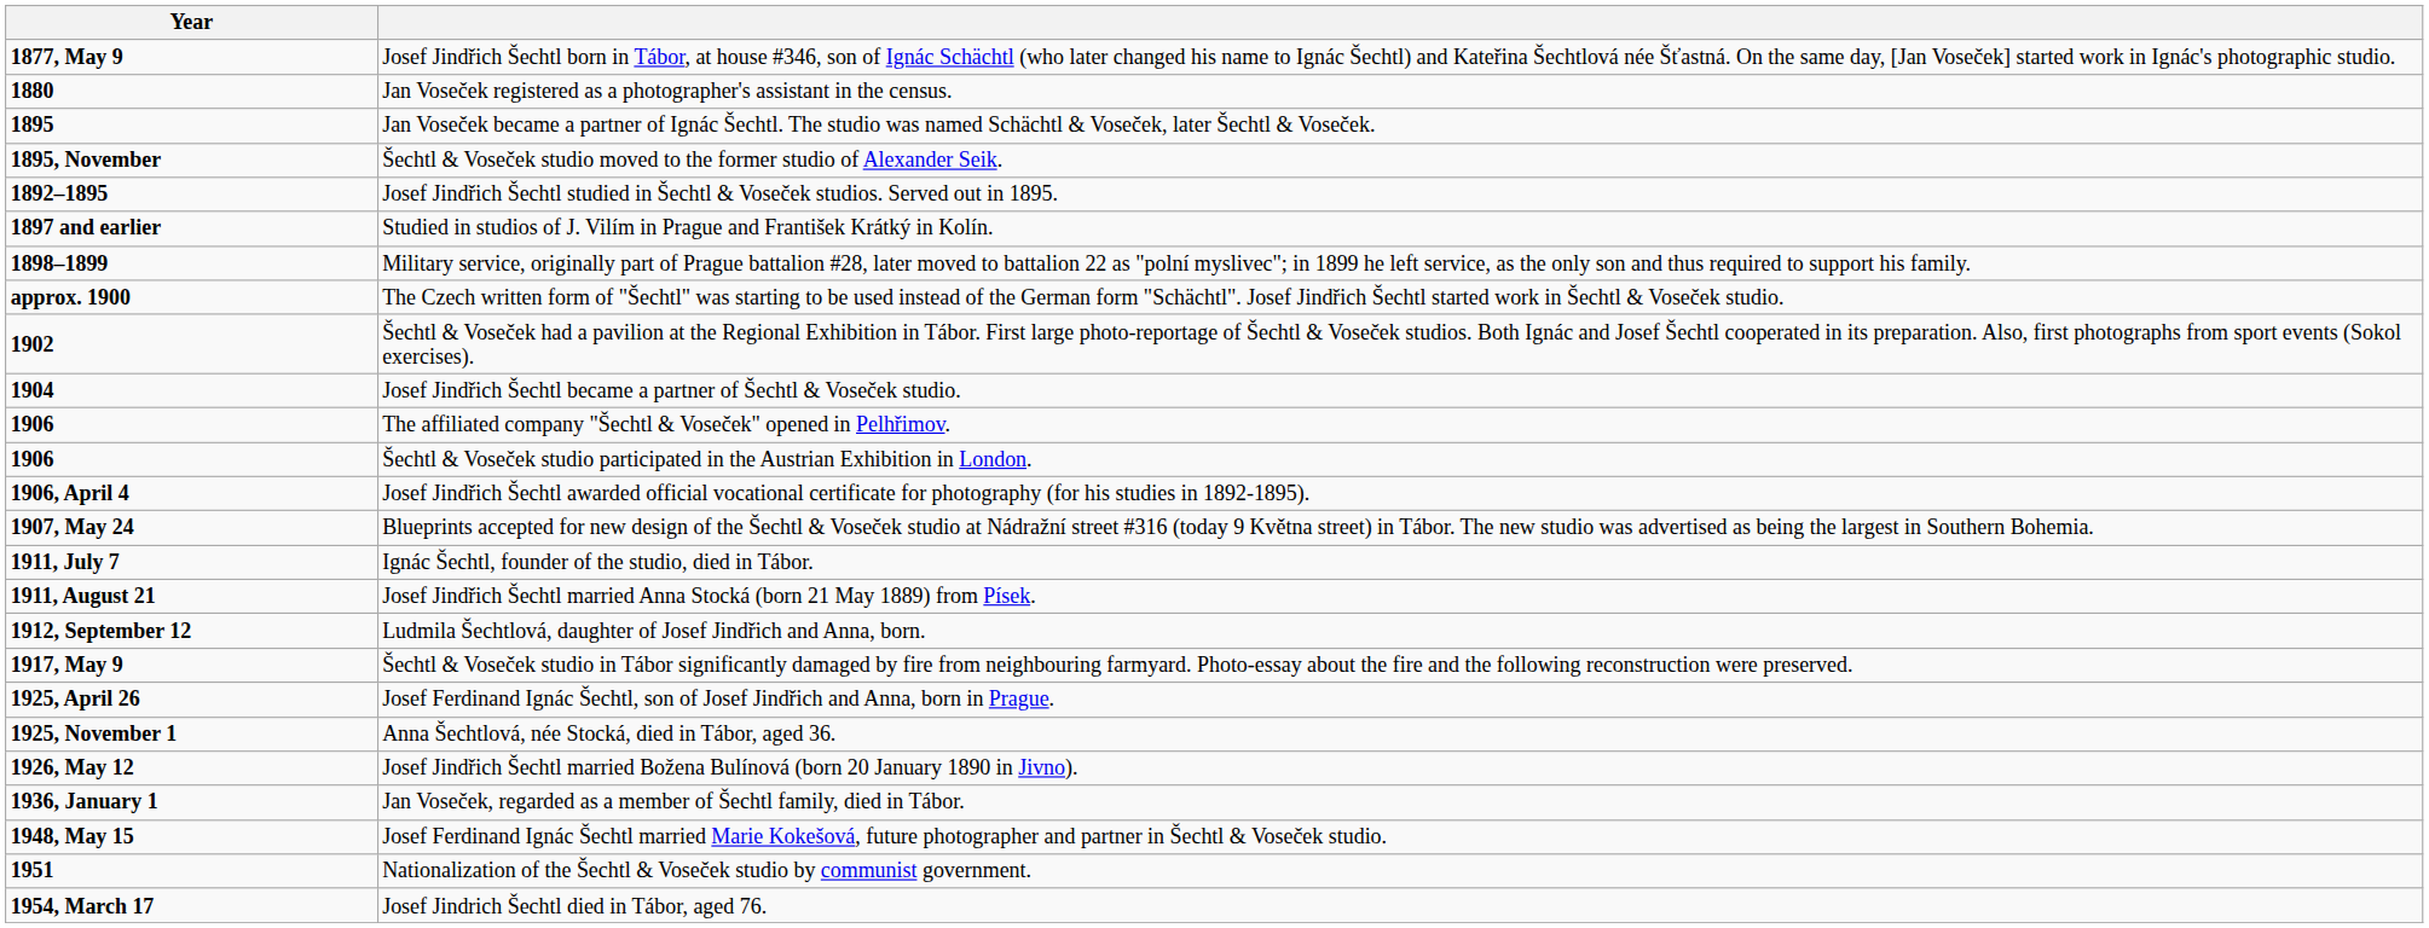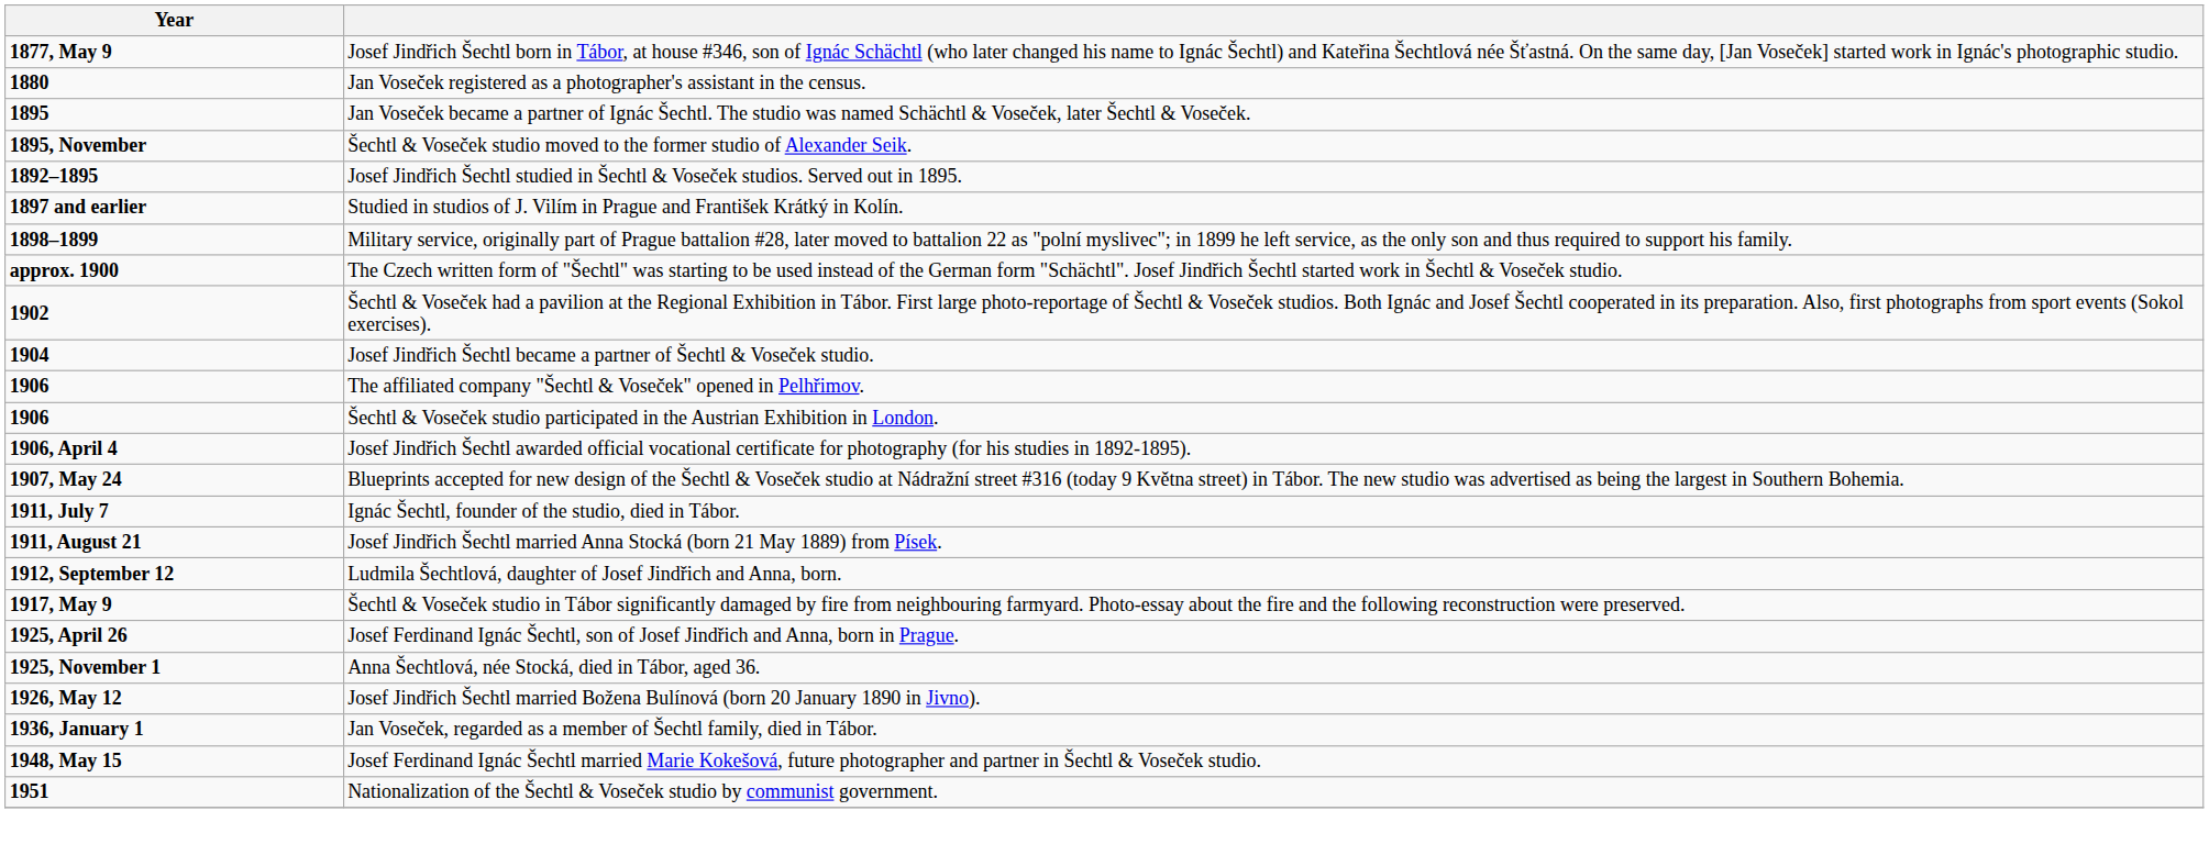 <table class="wikitable" width=90%>
 <tr bgcolor="#efefef">
 <th width="6%">Year</th>
 <th width="33%"></th>
 </tr>
 <tr valign=top>
 <td><strong>1877, May 9</strong></td>
 <td>Josef Jindřich Šechtl born in <a href='#'>Tábor</a>, at house #346, son of <a href='#'>Ignác Schächtl</a> (who later changed his name to Ignác Šechtl) and Kateřina Šechtlová née Šťastná. On the same day, [Jan Voseček] started work in Ignác's photographic studio.</td>
 </tr>
 <tr>
 <td><strong>1880</strong></td>
 <td>Jan Voseček registered as a photographer's assistant in the census.</td>
 </tr>
 <tr>
 <td><strong>1895</strong></td>
 <td>Jan Voseček became a partner of Ignác Šechtl. The studio was named Schächtl & Voseček, later Šechtl & Voseček.</td>
 </tr>
 <tr>
 <td><strong>1895, November</strong></td>
 <td>Šechtl & Voseček studio moved to the former studio of <a href='#'>Alexander Seik</a>.</td>
 </tr>
 <tr>
 <td><strong>1892–1895</strong></td>
 <td>Josef Jindřich Šechtl studied in Šechtl & Voseček studios. Served out  in 1895.</td>
 </tr>
 <tr>
 <td><strong>1897 and earlier</strong></td>
 <td>Studied in studios of J. Vilím in Prague and František Krátký in Kolín.</td>
 </tr>
 <tr>
 <td><strong>1898–1899</strong></td>
 <td>Military service, originally part of Prague battalion #28, later moved to battalion 22 as "polní myslivec"; in 1899 he left service, as the only son and thus required to support his family.</td>
 </tr>
 <tr>
 <td><strong>approx. 1900</strong></td>
 <td>The Czech written form of "Šechtl" was starting to be used instead of the German form "Schächtl". Josef Jindřich Šechtl started work in Šechtl & Voseček studio.</td>
 </tr>
 <tr>
 <td><strong>1902</strong></td>
 <td>Šechtl & Voseček had a pavilion at the Regional Exhibition in Tábor. First large photo-reportage of Šechtl & Voseček studios. Both Ignác and Josef Šechtl cooperated in its preparation. Also, first photographs from sport events (Sokol exercises).</td>
 </tr>
 <tr>
 <td><strong>1904</strong></td>
 <td>Josef Jindřich Šechtl became a partner of Šechtl & Voseček studio.</td>
 </tr>
 <tr>
 <td><strong>1906</strong></td>
 <td>The affiliated company "Šechtl & Voseček" opened in <a href='#'>Pelhřimov</a>.</td>
 </tr>
 <tr>
 <td><strong>1906</strong></td>
 <td>Šechtl & Voseček studio participated in the Austrian Exhibition in <a href='#'>London</a>.</td>
 </tr>
 <tr>
 <td><strong>1906, April 4</strong></td>
 <td>Josef Jindřich Šechtl awarded official vocational certificate for photography (for his studies in 1892-1895).</td>
 </tr>
 <tr>
 <td><strong>1907, May 24</strong></td>
 <td>Blueprints accepted for new design of the Šechtl & Voseček studio at Nádražní street #316 (today 9 Května street) in Tábor. The new studio was advertised as being the largest in Southern Bohemia.</td>
 </tr>
 <tr>
 <td><strong>1911, July 7</strong></td>
 <td>Ignác Šechtl, founder of the studio, died in Tábor.</td>
 </tr>
 <tr>
 <td><strong>1911, August 21</strong></td>
 <td>Josef Jindřich Šechtl married Anna Stocká (born 21 May 1889) from <a href='#'>Písek</a>.</td>
 </tr>
 <tr>
 <td><strong>1912, September 12</strong></td>
 <td>Ludmila Šechtlová, daughter of Josef Jindřich and Anna, born.</td>
 </tr>
 <tr>
 <td><strong>1917, May 9</strong></td>
 <td>Šechtl & Voseček studio in Tábor significantly damaged by fire from neighbouring farmyard. Photo-essay about the fire and the following reconstruction were preserved.</td>
 </tr>
 <tr>
 <td><strong>1925, April 26</strong></td>
 <td>Josef Ferdinand Ignác Šechtl, son of Josef Jindřich and Anna, born in <a href='#'>Prague</a>.</td>
 </tr>
 <tr>
 <td><strong>1925, November 1</strong></td>
 <td>Anna Šechtlová, née Stocká, died in Tábor, aged 36.</td>
 </tr>
 <tr>
 <td><strong>1926, May 12</strong></td>
 <td>Josef Jindřich Šechtl married Božena Bulínová (born 20 January 1890 in <a href='#'>Jivno</a>).</td>
 </tr>
 <tr>
 <td><strong>1936, January 1</strong></td>
 <td>Jan Voseček, regarded as a member of Šechtl family, died in Tábor.</td>
 </tr>
 <tr>
 <td><strong>1948, May 15</strong></td>
 <td>Josef Ferdinand Ignác Šechtl married <a href='#'>Marie Kokešová</a>, future photographer and partner in Šechtl & Voseček studio.</td>
 </tr>
 <tr>
 <td><strong>1951</strong></td>
 <td>Nationalization of the Šechtl & Voseček studio by <a href='#'>communist</a> government.</td>
 </tr>
 <tr>
-<td><strong>1954, March 17</strong></td>
-<td>Josef Jindrich Šechtl died in Tábor, aged 76.</td>
-</tr>
-<tr>
 </tr>
 </table>
